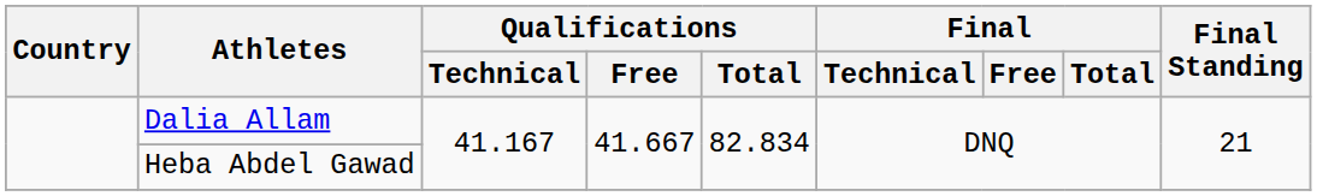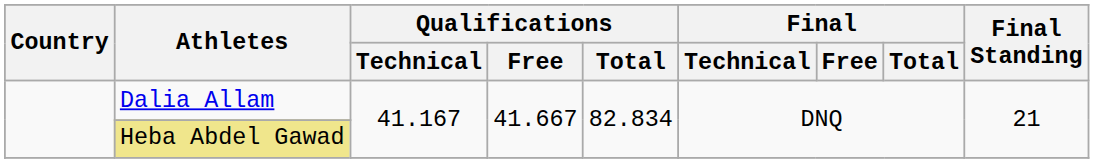 <table class="wikitable " style="text-align:center">
 <tr>
 <th rowspan="2">Country</th>
 <th rowspan="2">Athletes</th>
 <th colspan="3">Qualifications</th>
 <th colspan="3">Final</th>
 <th rowspan="2">Final<br>Standing</th>
 </tr>
 <tr>
 <th>Technical</th>
 <th>Free</th>
 <th>Total</th>
 <th>Technical</th>
 <th>Free</th>
 <th>Total</th>
 </tr>
 <tr>
 <td rowspan="2"></td>
 <td align=left><a href='#'>Dalia Allam</a></td>
 <td rowspan="2">41.167</td>
 <td rowspan="2">41.667</td>
 <td rowspan="2">82.834</td>
 <td colspan="3" rowspan="2">DNQ</td>
 <td rowspan="2">21</td>
 </tr>
 <tr>
-<td align=left>Heba Abdel Gawad</td>
+<td align=left style="background: khaki;">Heba Abdel Gawad</td>
 </tr>
 </table>
